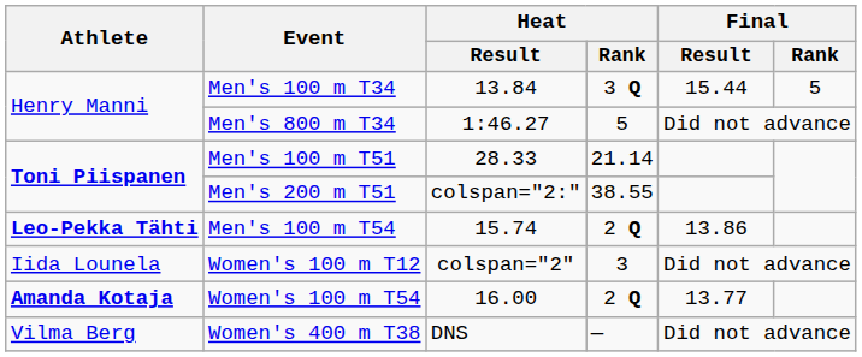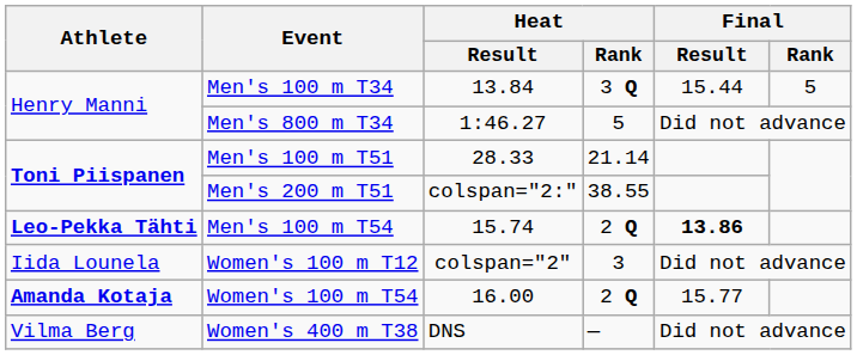 <table class="wikitable" style="font-size:90%">
 <tr>
 <th rowspan="2">Athlete</th>
 <th rowspan="2">Event</th>
 <th colspan="2">Heat</th>
 <th colspan="2">Final</th>
 </tr>
 <tr style="font-size:95%">
 <th>Result</th>
 <th>Rank</th>
 <th>Result</th>
 <th>Rank</th>
 </tr>
 <tr align=center>
 <td rowspan="2" align=left><a href='#'>Henry Manni</a></td>
 <td align=left><a href='#'>Men's 100 m T34</a></td>
 <td>13.84</td>
 <td>3 <strong>Q</strong></td>
 <td>15.44</td>
 <td>5</td>
 </tr>
 <tr align=center>
 <td align=left><a href='#'>Men's 800 m T34</a></td>
 <td>1:46.27</td>
 <td>5</td>
 <td colspan=2>Did not advance</td>
 </tr>
 <tr align=center>
 <td rowspan="2" align=left><strong><a href='#'>Toni Piispanen</a></strong></td>
 <td align=left><a href='#'>Men's 100 m T51</a></td>
 <td>28.33</td>
 <td>21.14</td>
 <td></td>
 </tr>
 <tr align=center>
 <td align=left><a href='#'>Men's 200 m T51</a></td>
 <td>colspan="2:" </td>
 <td>38.55</td>
 <td></td>
 </tr>
 <tr align=center>
 <td align=left><strong><a href='#'>Leo-Pekka Tähti</a></strong></td>
 <td align=left><a href='#'>Men's 100 m T54</a></td>
 <td>15.74</td>
 <td>2 <strong>Q</strong></td>
-<td>13.86</td>
+<td><strong>13.86</strong></td>
 <td></td>
 </tr>
 <tr align=center>
 <td align=left><a href='#'>Iida Lounela</a></td>
 <td align=left><a href='#'>Women's 100 m T12</a></td>
 <td>colspan="2" </td>
 <td>3</td>
 <td colspan=2>Did not advance</td>
 </tr>
 <tr align=center>
 <td align=left><strong><a href='#'>Amanda Kotaja</a></strong></td>
 <td align=left><a href='#'>Women's 100 m T54</a></td>
 <td>16.00</td>
 <td>2 <strong>Q</strong></td>
-<td>13.77</td>
+<td>15.77</td>
 <td></td>
 </tr>
 <tr aling=center>
 <td align=left><a href='#'>Vilma Berg</a></td>
 <td align=left><a href='#'>Women's 400 m T38</a></td>
 <td>DNS</td>
 <td>—</td>
 <td colspan=2>Did not advance</td>
 </tr>
 </table>
